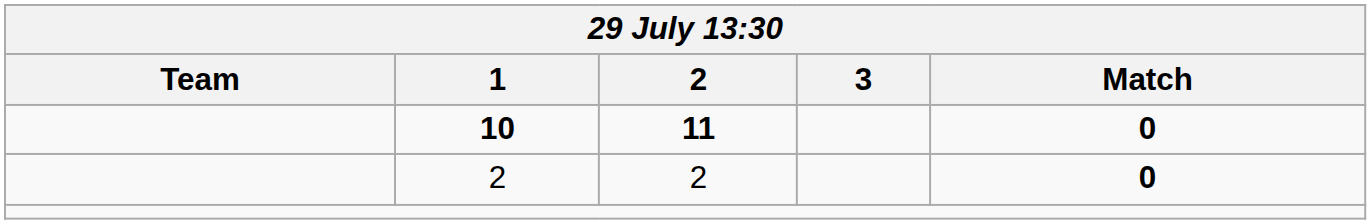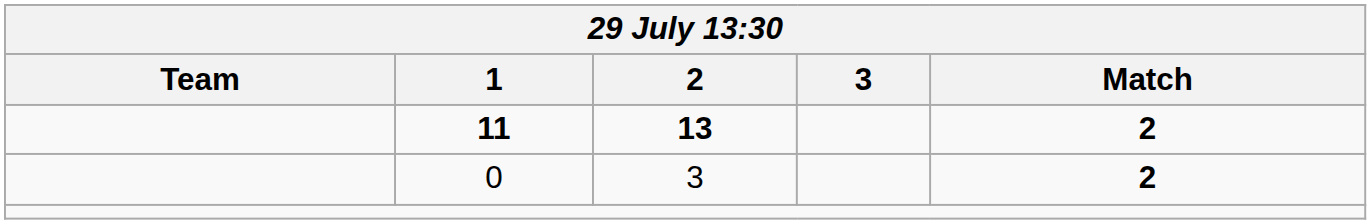 <table class=wikitable style="text-align:center; width: 55%">
 <tr>
 <th colspan=10><em>29 July 13:30</em></th>
 </tr>
 <tr>
 <th>Team</th>
 <th>1</th>
 <th>2</th>
 <th>3</th>
 <th>Match</th>
 </tr>
 <tr>
 <td align=left><strong><br></strong></td>
-<td><strong>10</strong></td>
 <td><strong>11</strong></td>
+<td><strong>13</strong></td>
 <td></td>
-<td><strong>0</strong></td>
+<td><strong>2</strong></td>
 </tr>
 <tr>
 <td align=left><br></td>
-<td>2</td>
-<td>2</td>
+<td>0</td>
+<td>3</td>
 <td></td>
-<td><strong>0</strong></td>
+<td><strong>2</strong></td>
 </tr>
 <tr>
 <td colspan=10></td>
 </tr>
 </table>
